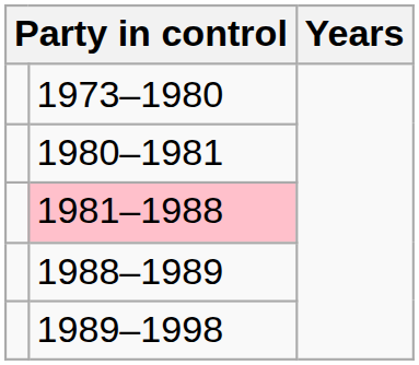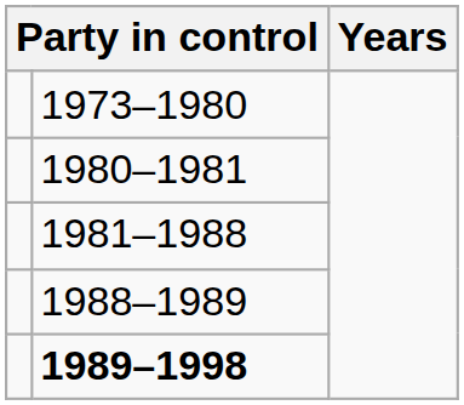 <table class="wikitable">
 <tr>
 <th colspan="2">Party in control</th>
 <th>Years</th>
 </tr>
 <tr>
 <td></td>
 <td>1973–1980</td>
 </tr>
 <tr>
 <td></td>
 <td>1980–1981</td>
 </tr>
 <tr>
 <td></td>
-<td style="background: pink;">1981–1988</td>
+<td>1981–1988</td>
 </tr>
 <tr>
 <td></td>
 <td>1988–1989</td>
 </tr>
 <tr>
 <td></td>
-<td>1989–1998</td>
+<td><strong>1989–1998</strong></td>
 </tr>
 </table>
